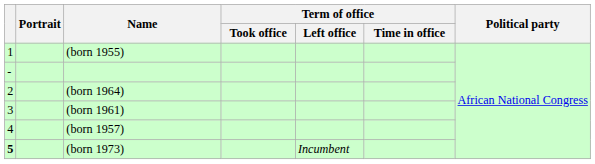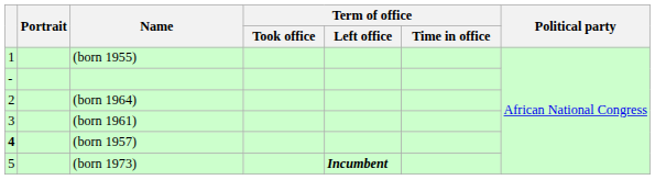 <table class="wikitable sortable">
 <tr>
 <th rowspan="2"></th>
 <th rowspan="2">Portrait</th>
 <th rowspan="2" width="200px">Name<br></th>
 <th colspan="3" width="300px">Term of office</th>
 <th rowspan="2">Political party</th>
 </tr>
 <tr>
 <th>Took office</th>
 <th>Left office</th>
 <th>Time in office</th>
 </tr>
 <tr bgcolor=#CCFFCC>
 <td>1</td>
 <td></td>
 <td> (born 1955)</td>
 <td></td>
 <td></td>
 <td></td>
 <td rowspan=6><a href='#'>African National Congress</a></td>
 </tr>
 <tr bgcolor=#CCFFCC>
 <td>-</td>
 <td></td>
 <td></td>
 <td></td>
 <td></td>
 <td></td>
 </tr>
 <tr bgcolor=#CCFFCC>
 <td>2</td>
 <td></td>
 <td> (born 1964)</td>
 <td></td>
 <td></td>
 <td></td>
 </tr>
 <tr bgcolor=#CCFFCC>
 <td>3</td>
 <td></td>
 <td> (born 1961)</td>
 <td></td>
 <td></td>
 <td></td>
 </tr>
 <tr bgcolor=#CCFFCC>
-<td>4</td>
+<td><strong>4</strong></td>
 <td></td>
 <td> (born 1957)</td>
 <td></td>
 <td></td>
 <td></td>
 </tr>
 <tr bgcolor=#CCFFCC>
-<td><strong>5</strong></td>
+<td>5</td>
 <td></td>
 <td> (born 1973)</td>
 <td></td>
-<td><em>Incumbent</em></td>
+<td><strong><em>Incumbent</em></strong></td>
 <td></td>
 </tr>
 </table>
